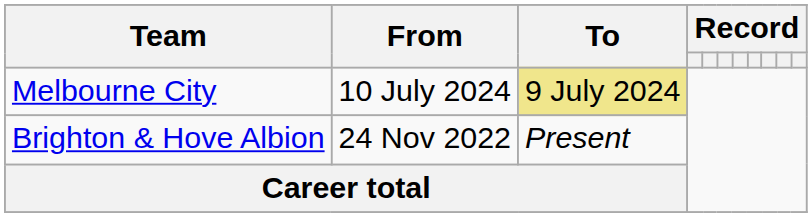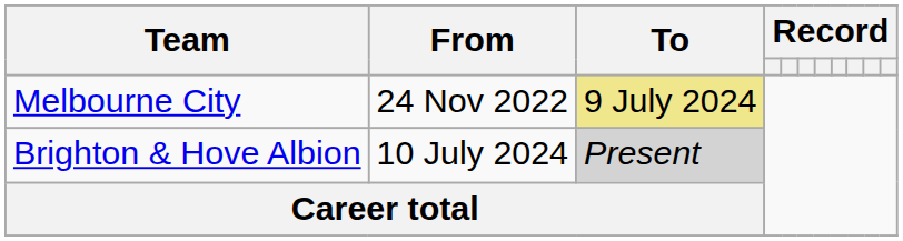 <table class="wikitable" style="text-align: center">
 <tr>
 <th rowspan="2">Team</th>
 <th rowspan="2">From</th>
 <th rowspan="2">To</th>
 <th colspan="8">Record</th>
 </tr>
 <tr>
 <th></th>
 <th></th>
 <th></th>
 <th></th>
 <th></th>
 <th></th>
 <th></th>
 <th></th>
 </tr>
 <tr>
 <td align="left"><a href='#'>Melbourne City</a></td>
-<td align=left>10 July 2024</td>
+<td align=left>24 Nov 2022</td>
 <td align=left style="background: khaki;">9 July 2024<br></td>
 </tr>
 <tr>
 <td align=left><a href='#'>Brighton & Hove Albion</a></td>
-<td align=left>24 Nov 2022</td>
-<td align=left><em>Present</em><br></td>
+<td align=left>10 July 2024</td>
+<td align=left style="background: lightgrey;"><em>Present</em><br></td>
 </tr>
 <tr>
 <th colspan=3><strong>Career total</strong><br></th>
 </tr>
 </table>
